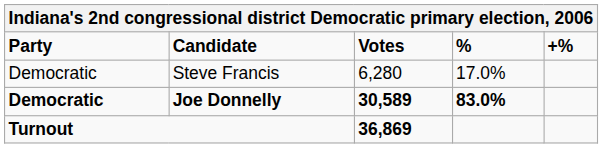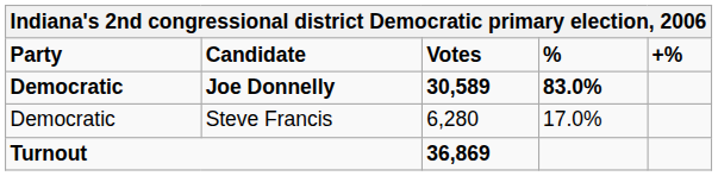 <table class="wikitable">
 <tr>
 <th colspan="5">Indiana's 2nd congressional district Democratic primary election, 2006</th>
 </tr>
 <tr>
 <td><strong>Party</strong></td>
 <td><strong>Candidate</strong></td>
 <td><strong>Votes</strong></td>
 <td><strong>%</strong></td>
 <td><strong>+%</strong></td>
 </tr>
 <tr>
+<td><strong>Democratic</strong></td>
+<td><strong>Joe Donnelly</strong></td>
+<td><strong>30,589</strong></td>
+<td><strong>83.0%</strong></td>
+<td></td>
+</tr>
+<tr>
 <td>Democratic</td>
 <td>Steve Francis</td>
 <td>6,280</td>
 <td>17.0%</td>
-<td></td>
-</tr>
-<tr>
-<td><strong>Democratic</strong></td>
-<td><strong>Joe Donnelly</strong></td>
-<td><strong>30,589</strong></td>
-<td><strong>83.0%</strong></td>
 <td></td>
 </tr>
 <tr>
 <td colspan="2"><strong>Turnout</strong></td>
 <td><strong>36,869</strong></td>
 <td></td>
 <td></td>
 </tr>
 </table>
